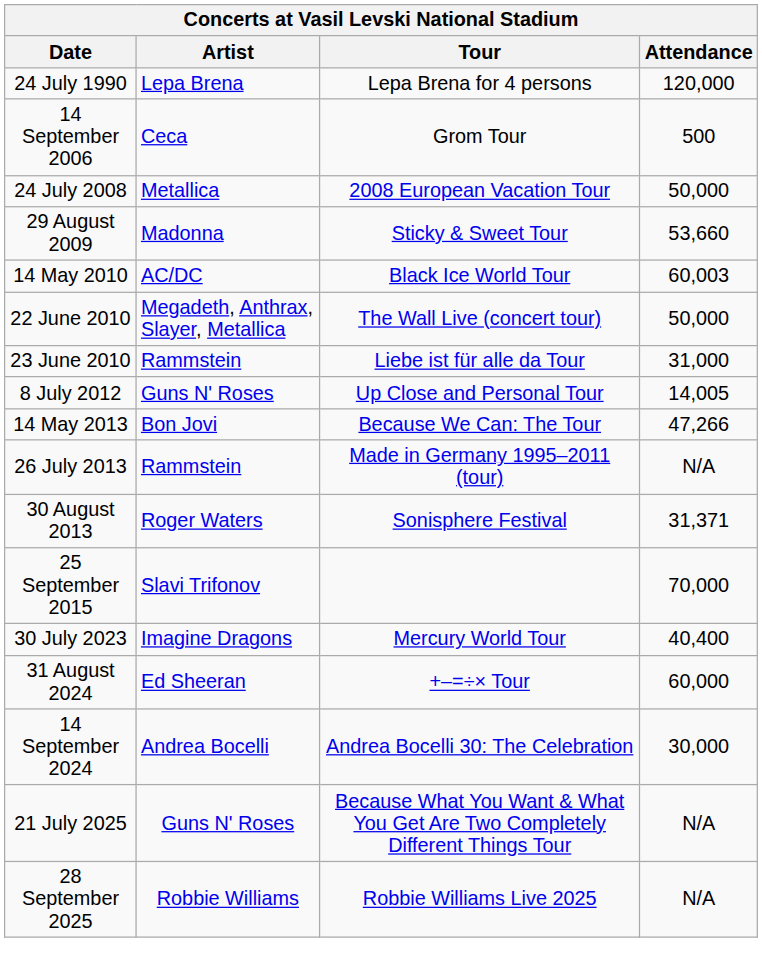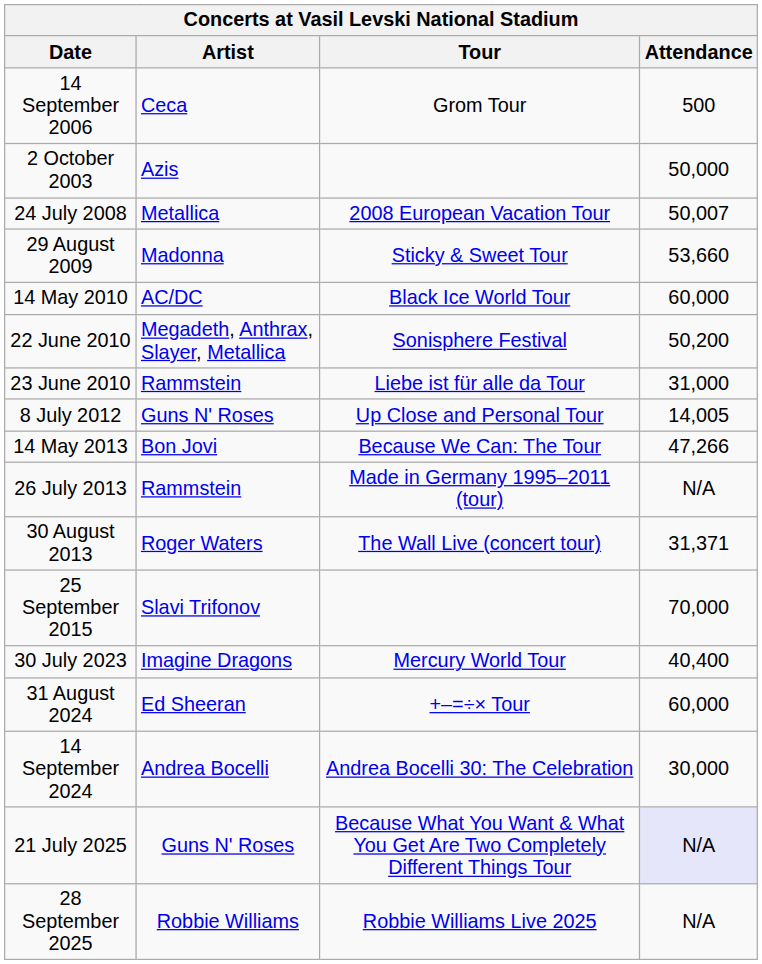 <table class="wikitable" style="text-align:center;">
 <tr>
 <th colspan=4>Concerts at Vasil Levski National Stadium</th>
 </tr>
 <tr>
 <th>Date</th>
 <th>Artist</th>
 <th>Tour</th>
 <th>Attendance</th>
 </tr>
 <tr>
-<td>24 July 1990</td>
-<td style="text-align:left"><a href='#'>Lepa Brena</a></td>
-<td>Lepa Brena for 4 persons</td>
-<td>120,000</td>
-</tr>
-<tr>
 <td>14 September 2006</td>
 <td style="text-align:left"><a href='#'>Ceca</a></td>
 <td>Grom Tour</td>
 <td>500</td>
 </tr>
 <tr>
+<td>2 October 2003</td>
+<td style="text-align:left"><a href='#'>Azis</a></td>
+<td></td>
+<td>50,000</td>
+</tr>
+<tr>
 <td>24 July 2008</td>
 <td style="text-align:left"><a href='#'>Metallica</a></td>
 <td><a href='#'>2008 European Vacation Tour</a></td>
-<td>50,000</td>
+<td>50,007</td>
 </tr>
 <tr>
 <td>29 August 2009</td>
 <td style="text-align:left"><a href='#'>Madonna</a></td>
 <td><a href='#'>Sticky & Sweet Tour</a></td>
 <td>53,660</td>
 </tr>
 <tr>
 <td>14 May 2010</td>
 <td style="text-align:left"><a href='#'>AC/DC</a></td>
 <td><a href='#'>Black Ice World Tour</a></td>
-<td>60,003</td>
+<td>60,000</td>
 </tr>
 <tr>
 <td>22 June 2010</td>
 <td style="text-align:left"><a href='#'>Megadeth</a>, <a href='#'>Anthrax</a>, <a href='#'>Slayer</a>, <a href='#'>Metallica</a></td>
-<td><a href='#'>The Wall Live (concert tour)</a></td>
-<td>50,000</td>
+<td><a href='#'>Sonisphere Festival</a></td>
+<td>50,200</td>
 </tr>
 <tr>
 <td>23 June 2010</td>
 <td style="text-align:left"><a href='#'>Rammstein</a></td>
 <td><a href='#'>Liebe ist für alle da Tour</a></td>
 <td>31,000</td>
 </tr>
 <tr>
 <td>8 July 2012</td>
 <td style="text-align:left"><a href='#'>Guns N' Roses</a></td>
 <td><a href='#'>Up Close and Personal Tour</a></td>
 <td>14,005</td>
 </tr>
 <tr>
 <td>14 May 2013</td>
 <td style="text-align:left"><a href='#'>Bon Jovi</a></td>
 <td><a href='#'>Because We Can: The Tour</a></td>
 <td>47,266</td>
 </tr>
 <tr>
 <td>26 July 2013</td>
 <td style="text-align:left"><a href='#'>Rammstein</a></td>
 <td><a href='#'>Made in Germany 1995–2011 (tour)</a></td>
 <td>N/A</td>
 </tr>
 <tr>
 <td>30 August 2013</td>
 <td style="text-align:left"><a href='#'>Roger Waters</a></td>
-<td><a href='#'>Sonisphere Festival</a></td>
+<td><a href='#'>The Wall Live (concert tour)</a></td>
 <td>31,371</td>
 </tr>
 <tr>
 <td>25 September 2015</td>
 <td style="text-align:left"><a href='#'>Slavi Trifonov</a></td>
 <td></td>
 <td>70,000</td>
 </tr>
 <tr>
 <td>30 July 2023</td>
 <td style="text-align:left"><a href='#'>Imagine Dragons</a></td>
 <td><a href='#'>Mercury World Tour</a></td>
 <td>40,400</td>
 </tr>
 <tr>
 <td>31 August 2024</td>
 <td style="text-align:left"><a href='#'>Ed Sheeran</a></td>
 <td><a href='#'>+–=÷× Tour</a></td>
 <td>60,000</td>
 </tr>
 <tr>
 <td>14 September 2024</td>
 <td style="text-align:left"><a href='#'>Andrea Bocelli</a></td>
 <td><a href='#'>Andrea Bocelli 30: The Celebration</a></td>
 <td>30,000</td>
 </tr>
 <tr>
 <td>21 July 2025</td>
 <td style="text-algin:left"><a href='#'>Guns N' Roses</a></td>
 <td><a href='#'>Because What You Want & What You Get Are Two Completely Different Things Tour</a></td>
-<td>N/A</td>
+<td style="background: lavender;">N/A</td>
 </tr>
 <tr>
 <td>28 September 2025</td>
 <td style="text-algin:left"><a href='#'>Robbie Williams</a></td>
 <td><a href='#'>Robbie Williams Live 2025</a></td>
 <td>N/A</td>
 </tr>
 </table>
